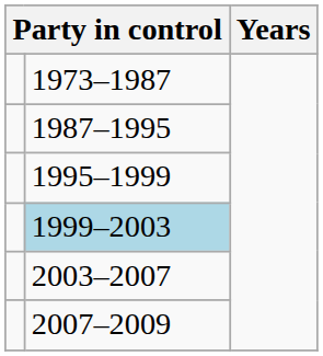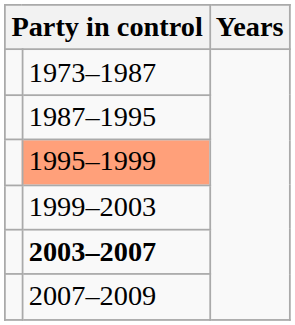 <table class="wikitable">
 <tr>
 <th colspan="2">Party in control</th>
 <th>Years</th>
 </tr>
 <tr>
 <td></td>
 <td>1973–1987</td>
 </tr>
 <tr>
 <td></td>
 <td>1987–1995</td>
 </tr>
 <tr>
 <td></td>
-<td>1995–1999</td>
+<td style="background: lightsalmon;">1995–1999</td>
 </tr>
 <tr>
 <td></td>
-<td style="background: lightblue;">1999–2003</td>
+<td>1999–2003</td>
 </tr>
 <tr>
 <td></td>
-<td>2003–2007</td>
+<td><strong>2003–2007</strong></td>
 </tr>
 <tr>
 <td></td>
 <td>2007–2009</td>
 </tr>
 </table>
